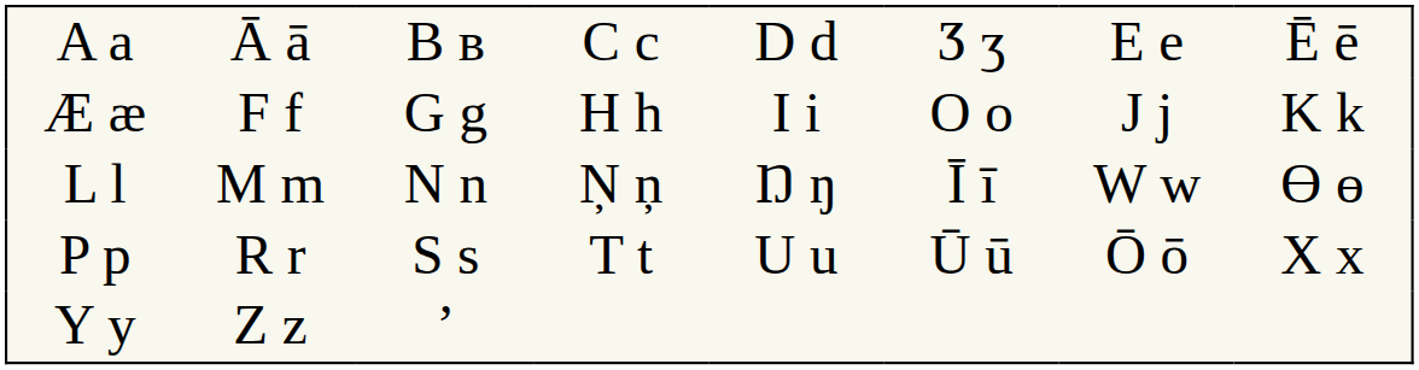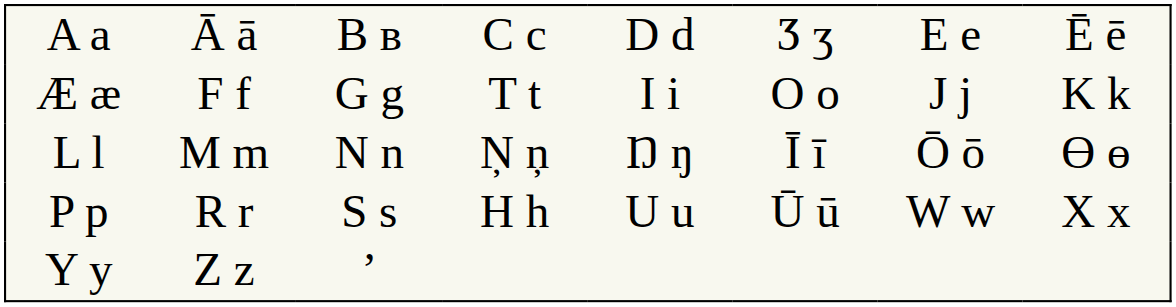 <table style="text-align:center; border-color:#000000; border-width:1px; border-style:solid; border-collapse:collapse; background-color:#F8F8EF;">
 <tr style="font-family:Arial Unicode MS; font-size:1.4em; padding: 3px;">
 <td style="width:3em;">A a</td>
 <td style="width:3em;">Ā ā</td>
 <td style="width:3em;">B в</td>
 <td style="width:3em;">C c</td>
 <td style="width:3em;">D d</td>
 <td style="width:3em;">Ӡ ӡ</td>
 <td style="width:3em;">E e</td>
 <td style="width:3em;">Ē ē</td>
 </tr>
 <tr style="font-family:Arial Unicode MS; font-size:1.4em; padding: 3px; width:3em;">
 <td style="width:3em;">Æ æ</td>
 <td style="width:3em;">F f</td>
 <td style="width:3em;">G g</td>
-<td style="width:3em;">H h</td>
+<td style="width:3em;">T t</td>
 <td style="width:3em;">I i</td>
 <td style="width:3em;">O o</td>
 <td style="width:3em;">J j</td>
 <td style="width:3em;">K k</td>
 </tr>
 <tr style="font-family:Arial Unicode MS; font-size:1.4em; padding: 3px; width:3em;">
 <td style="width:3em;">L l</td>
 <td style="width:3em;">M m</td>
 <td style="width:3em;">N n</td>
 <td style="width:3em;">Ņ ņ</td>
 <td style="width:3em;">Ŋ ŋ</td>
 <td style="width:3em;">Ī ī</td>
-<td style="width:3em;">W w</td>
+<td style="width:3em;">Ō ō</td>
 <td style="width:3em;">Ө ө</td>
 </tr>
 <tr style="font-family:Arial Unicode MS; font-size:1.4em; padding: 3px; width:3em;">
 <td style="width:3em;">P p</td>
 <td style="width:3em;">R r</td>
 <td style="width:3em;">S s</td>
-<td style="width:3em;">T t</td>
+<td style="width:3em;">H h</td>
 <td style="width:3em;">U u</td>
 <td style="width:3em;">Ū ū</td>
-<td style="width:3em;">Ō ō</td>
+<td style="width:3em;">W w</td>
 <td style="width:3em;">X x</td>
 </tr>
 <tr style="font-family:Arial Unicode MS; font-size:1.4em; padding: 3px; width:3em;">
 <td style="width:3em;">Y y</td>
 <td style="width:3em;">Z z</td>
 <td style="width:3em;">’</td>
 </tr>
 </table>
